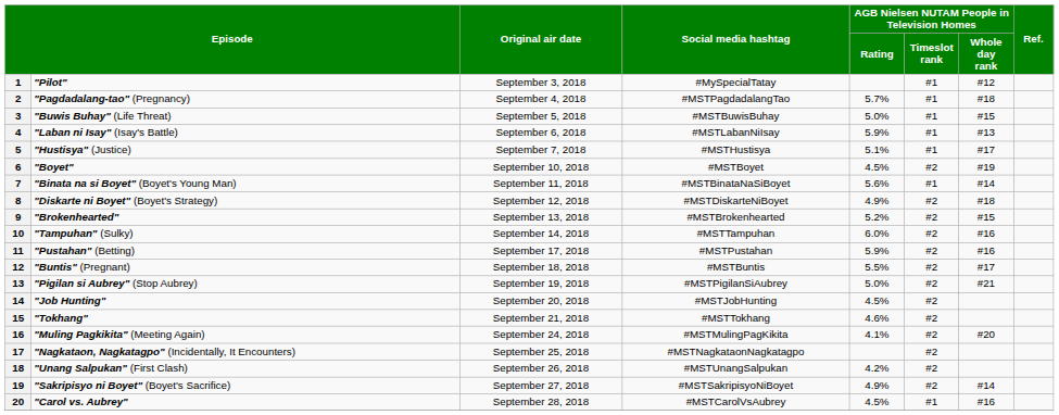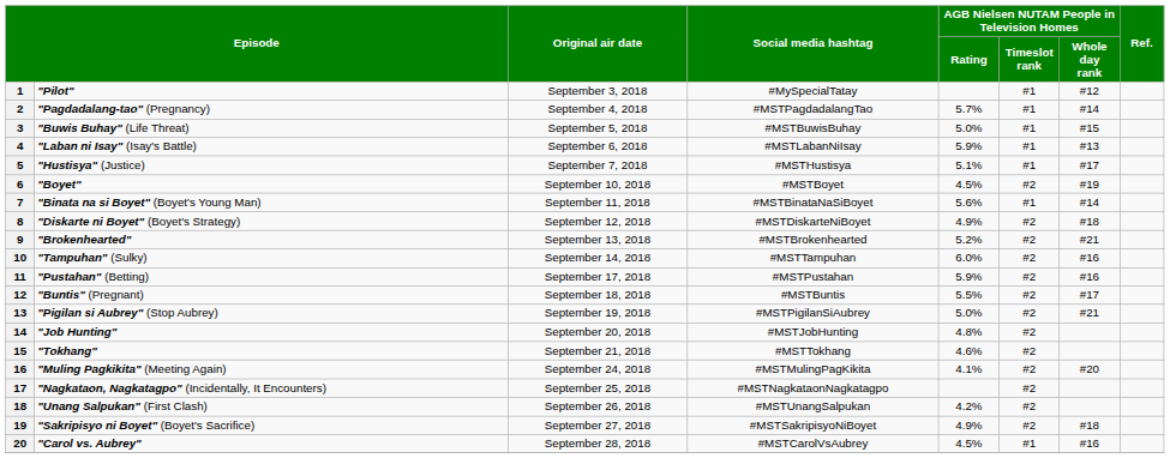 <table class="wikitable" style="text-align:center; font-size:100%; line-height:18px;" width="100%">
 <tr>
 <th style="background-color:#008000; color:#ffffff;" colspan="2" rowspan="2">Episode</th>
 <th style="background-color:#008000; color:white" rowspan="2">Original air date</th>
 <th style="background-color:#008000; color:white" rowspan="2">Social media hashtag</th>
 <th style="background-color:#008000; color:#ffffff;" colspan="3">AGB Nielsen NUTAM People in Television Homes</th>
 <th style="background-color:#008000;  color:#ffffff;" rowspan="2">Ref.</th>
 </tr>
 <tr>
 <th style="background-color:#008000; width:75px; color:#ffffff;">Rating</th>
 <th style="background-color:#008000;  width:75px; color:#ffffff;">Timeslot<br>rank</th>
 <th style="background-color:#008000; width:75px; color:#ffffff;">Whole day<br>rank</th>
 </tr>
 <tr>
 <th>1</th>
 <td style="text-align: left;"><strong><em>"Pilot"</em></strong></td>
 <td>September 3, 2018</td>
 <td>#MySpecialTatay</td>
 <td></td>
 <td>#1</td>
 <td>#12</td>
 <td></td>
 </tr>
 <tr>
 <th>2</th>
 <td style="text-align: left;"><strong><em>"Pagdadalang-tao"</em></strong> (Pregnancy)</td>
 <td>September 4, 2018</td>
 <td>#MSTPagdadalangTao</td>
 <td>5.7%</td>
 <td>#1</td>
-<td>#18</td>
+<td>#14</td>
 <td></td>
 </tr>
 <tr>
 <th>3</th>
 <td style="text-align: left;"><strong><em>"Buwis Buhay"</em></strong> (Life Threat)</td>
 <td>September 5, 2018</td>
 <td>#MSTBuwisBuhay</td>
 <td>5.0%</td>
 <td>#1</td>
 <td>#15</td>
 <td></td>
 </tr>
 <tr>
 <th>4</th>
 <td style="text-align: left;"><strong><em>"Laban ni Isay"</em></strong> (Isay's Battle)</td>
 <td>September 6, 2018</td>
 <td>#MSTLabanNiIsay</td>
 <td>5.9%</td>
 <td>#1</td>
 <td>#13</td>
 <td></td>
 </tr>
 <tr>
 <th>5</th>
 <td style="text-align: left;"><strong><em>"Hustisya"</em></strong> (Justice)</td>
 <td>September 7, 2018</td>
 <td>#MSTHustisya</td>
 <td>5.1%</td>
 <td>#1</td>
 <td>#17</td>
 <td></td>
 </tr>
 <tr>
 <th>6</th>
 <td style="text-align: left;"><strong><em>"Boyet"</em></strong></td>
 <td>September 10, 2018</td>
 <td>#MSTBoyet</td>
 <td>4.5%</td>
 <td>#2</td>
 <td>#19</td>
 <td></td>
 </tr>
 <tr>
 <th>7</th>
 <td style="text-align: left;"><strong><em>"Binata na si Boyet"</em></strong> (Boyet's Young Man)</td>
 <td>September 11, 2018</td>
 <td>#MSTBinataNaSiBoyet</td>
 <td>5.6%</td>
 <td>#1</td>
 <td>#14</td>
 <td></td>
 </tr>
 <tr>
 <th>8</th>
 <td style="text-align: left;"><strong><em>"Diskarte ni Boyet"</em></strong> (Boyet's Strategy)</td>
 <td>September 12, 2018</td>
 <td>#MSTDiskarteNiBoyet</td>
 <td>4.9%</td>
 <td>#2</td>
 <td>#18</td>
 <td></td>
 </tr>
 <tr>
 <th>9</th>
 <td style="text-align: left;"><strong><em>"Brokenhearted"</em></strong></td>
 <td>September 13, 2018</td>
 <td>#MSTBrokenhearted</td>
 <td>5.2%</td>
 <td>#2</td>
-<td>#15</td>
+<td>#21</td>
 <td></td>
 </tr>
 <tr>
 <th>10</th>
 <td style="text-align: left;"><strong><em>"Tampuhan"</em></strong> (Sulky)</td>
 <td>September 14, 2018</td>
 <td>#MSTTampuhan</td>
 <td>6.0%</td>
 <td>#2</td>
 <td>#16</td>
 <td></td>
 </tr>
 <tr>
 <th>11</th>
 <td style="text-align: left;"><strong><em>"Pustahan"</em></strong> (Betting)</td>
 <td>September 17, 2018</td>
 <td>#MSTPustahan</td>
 <td>5.9%</td>
 <td>#2</td>
 <td>#16</td>
 <td></td>
 </tr>
 <tr>
 <th>12</th>
 <td style="text-align: left;"><strong><em>"Buntis"</em></strong> (Pregnant)</td>
 <td>September 18, 2018</td>
 <td>#MSTBuntis</td>
 <td>5.5%</td>
 <td>#2</td>
 <td>#17</td>
 <td></td>
 </tr>
 <tr>
 <th>13</th>
 <td style="text-align: left;"><strong><em>"Pigilan si Aubrey"</em></strong> (Stop Aubrey)</td>
 <td>September 19, 2018</td>
 <td>#MSTPigilanSiAubrey</td>
 <td>5.0%</td>
 <td>#2</td>
 <td>#21</td>
 <td></td>
 </tr>
 <tr>
 <th>14</th>
 <td style="text-align: left;"><strong><em>"Job Hunting"</em></strong></td>
 <td>September 20, 2018</td>
 <td>#MSTJobHunting</td>
-<td>4.5%</td>
+<td>4.8%</td>
 <td>#2</td>
 <td></td>
 <td></td>
 </tr>
 <tr>
 <th>15</th>
 <td style="text-align: left;"><strong><em>"Tokhang"</em></strong></td>
 <td>September 21, 2018</td>
 <td>#MSTTokhang</td>
 <td>4.6%</td>
 <td>#2</td>
 <td></td>
 <td></td>
 </tr>
 <tr>
 <th>16</th>
 <td style="text-align: left;"><strong><em>"Muling Pagkikita"</em></strong> (Meeting Again)</td>
 <td>September 24, 2018</td>
 <td>#MSTMulingPagKikita</td>
 <td>4.1%</td>
 <td>#2</td>
 <td>#20</td>
 <td></td>
 </tr>
 <tr>
 <th>17</th>
 <td style="text-align: left;"><strong><em>"Nagkataon, Nagkatagpo"</em></strong> (Incidentally, It Encounters)</td>
 <td>September 25, 2018</td>
 <td>#MSTNagkataonNagkatagpo</td>
 <td></td>
 <td>#2</td>
 <td></td>
 <td></td>
 </tr>
 <tr>
 <th>18</th>
 <td style="text-align: left;"><strong><em>"Unang Salpukan"</em></strong> (First Clash)</td>
 <td>September 26, 2018</td>
 <td>#MSTUnangSalpukan</td>
 <td>4.2%</td>
 <td>#2</td>
 <td></td>
 <td></td>
 </tr>
 <tr>
 <th>19</th>
 <td style="text-align: left;"><strong><em>"Sakripisyo ni Boyet"</em></strong> (Boyet's Sacrifice)</td>
 <td>September 27, 2018</td>
 <td>#MSTSakripisyoNiBoyet</td>
 <td>4.9%</td>
 <td>#2</td>
-<td>#14</td>
+<td>#18</td>
 <td></td>
 </tr>
 <tr>
 <th>20</th>
 <td style="text-align: left;"><strong><em>"Carol vs. Aubrey"</em></strong></td>
 <td>September 28, 2018</td>
 <td>#MSTCarolVsAubrey</td>
 <td>4.5%</td>
 <td>#1</td>
 <td>#16</td>
 <td></td>
 </tr>
 <tr>
 </tr>
 </table>
